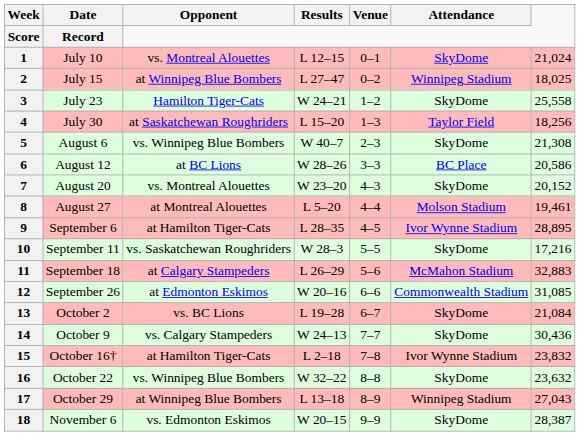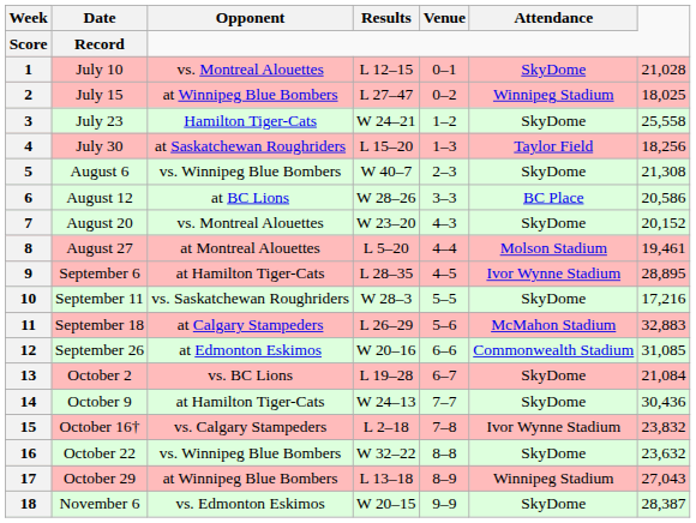 <table class="wikitable" style="text-align:center">
 <tr>
 <th>Week</th>
 <th>Date</th>
 <th>Opponent</th>
 <th>Results</th>
 <th>Venue</th>
 <th>Attendance</th>
 </tr>
 <tr>
 <th>Score</th>
 <th>Record</th>
 </tr>
 <tr style="background:#ffbbbb">
 <th>1</th>
 <td>July 10</td>
 <td>vs. <a href='#'>Montreal Alouettes</a></td>
 <td>L 12–15</td>
 <td>0–1</td>
 <td><a href='#'>SkyDome</a></td>
-<td>21,024</td>
+<td>21,028</td>
 </tr>
 <tr style="background:#ffbbbb">
 <th>2</th>
 <td>July 15</td>
 <td>at <a href='#'>Winnipeg Blue Bombers</a></td>
 <td>L 27–47</td>
 <td>0–2</td>
 <td><a href='#'>Winnipeg Stadium</a></td>
 <td>18,025</td>
 </tr>
 <tr style="background:#ddffdd">
 <th>3</th>
 <td>July 23</td>
 <td><a href='#'>Hamilton Tiger-Cats</a></td>
 <td>W 24–21</td>
 <td>1–2</td>
 <td>SkyDome</td>
 <td>25,558</td>
 </tr>
 <tr style="background:#ffbbbb">
 <th>4</th>
 <td>July 30</td>
 <td>at <a href='#'>Saskatchewan Roughriders</a></td>
 <td>L 15–20</td>
 <td>1–3</td>
 <td><a href='#'>Taylor Field</a></td>
 <td>18,256</td>
 </tr>
 <tr style="background:#ddffdd">
 <th>5</th>
 <td>August 6</td>
 <td>vs. Winnipeg Blue Bombers</td>
 <td>W 40–7</td>
 <td>2–3</td>
 <td>SkyDome</td>
 <td>21,308</td>
 </tr>
 <tr style="background:#ddffdd">
 <th>6</th>
 <td>August 12</td>
 <td>at <a href='#'>BC Lions</a></td>
 <td>W 28–26</td>
 <td>3–3</td>
 <td><a href='#'>BC Place</a></td>
 <td>20,586</td>
 </tr>
 <tr style="background:#ddffdd">
 <th>7</th>
 <td>August 20</td>
 <td>vs. Montreal Alouettes</td>
 <td>W 23–20</td>
 <td>4–3</td>
 <td>SkyDome</td>
 <td>20,152</td>
 </tr>
 <tr style="background:#ffbbbb">
 <th>8</th>
 <td>August 27</td>
 <td>at Montreal Alouettes</td>
 <td>L 5–20</td>
 <td>4–4</td>
 <td><a href='#'>Molson Stadium</a></td>
 <td>19,461</td>
 </tr>
 <tr style="background:#ffbbbb">
 <th>9</th>
 <td>September 6</td>
 <td>at Hamilton Tiger-Cats</td>
 <td>L 28–35</td>
 <td>4–5</td>
 <td><a href='#'>Ivor Wynne Stadium</a></td>
 <td>28,895</td>
 </tr>
 <tr style="background:#ddffdd">
 <th>10</th>
 <td>September 11</td>
 <td>vs. Saskatchewan Roughriders</td>
 <td>W 28–3</td>
 <td>5–5</td>
 <td>SkyDome</td>
 <td>17,216</td>
 </tr>
 <tr style="background:#ffbbbb">
 <th>11</th>
 <td>September 18</td>
 <td>at <a href='#'>Calgary Stampeders</a></td>
 <td>L 26–29</td>
 <td>5–6</td>
 <td><a href='#'>McMahon Stadium</a></td>
 <td>32,883</td>
 </tr>
 <tr style="background:#ddffdd">
 <th>12</th>
 <td>September 26</td>
 <td>at <a href='#'>Edmonton Eskimos</a></td>
 <td>W 20–16</td>
 <td>6–6</td>
 <td><a href='#'>Commonwealth Stadium</a></td>
 <td>31,085</td>
 </tr>
 <tr style="background:#ffbbbb">
 <th>13</th>
 <td>October 2</td>
 <td>vs. BC Lions</td>
 <td>L 19–28</td>
 <td>6–7</td>
 <td>SkyDome</td>
 <td>21,084</td>
 </tr>
 <tr style="background:#ddffdd">
 <th>14</th>
 <td>October 9</td>
-<td>vs. Calgary Stampeders</td>
+<td>at Hamilton Tiger-Cats</td>
 <td>W 24–13</td>
 <td>7–7</td>
 <td>SkyDome</td>
 <td>30,436</td>
 </tr>
 <tr style="background:#ffbbbb">
 <th>15</th>
 <td>October 16†</td>
-<td>at Hamilton Tiger-Cats</td>
+<td>vs. Calgary Stampeders</td>
 <td>L 2–18</td>
 <td>7–8</td>
 <td>Ivor Wynne Stadium</td>
 <td>23,832</td>
 </tr>
 <tr style="background:#ddffdd">
 <th>16</th>
 <td>October 22</td>
 <td>vs. Winnipeg Blue Bombers</td>
 <td>W 32–22</td>
 <td>8–8</td>
 <td>SkyDome</td>
 <td>23,632</td>
 </tr>
 <tr style="background:#ffbbbb">
 <th>17</th>
 <td>October 29</td>
 <td>at Winnipeg Blue Bombers</td>
 <td>L 13–18</td>
 <td>8–9</td>
 <td>Winnipeg Stadium</td>
 <td>27,043</td>
 </tr>
 <tr style="background:#ddffdd">
 <th>18</th>
 <td>November 6</td>
 <td>vs. Edmonton Eskimos</td>
 <td>W 20–15</td>
 <td>9–9</td>
 <td>SkyDome</td>
 <td>28,387</td>
 </tr>
 </table>
